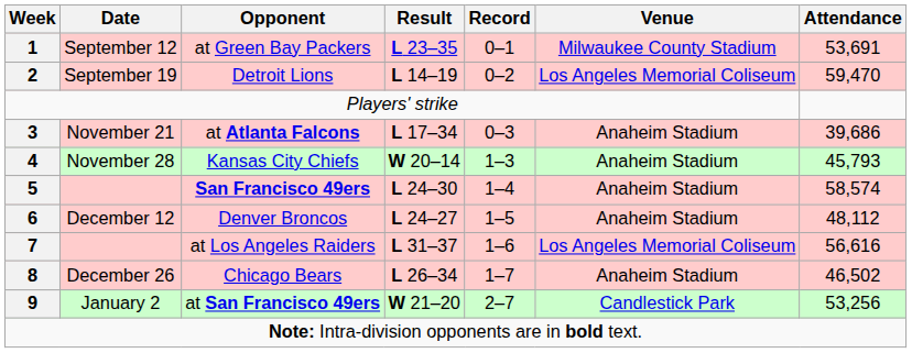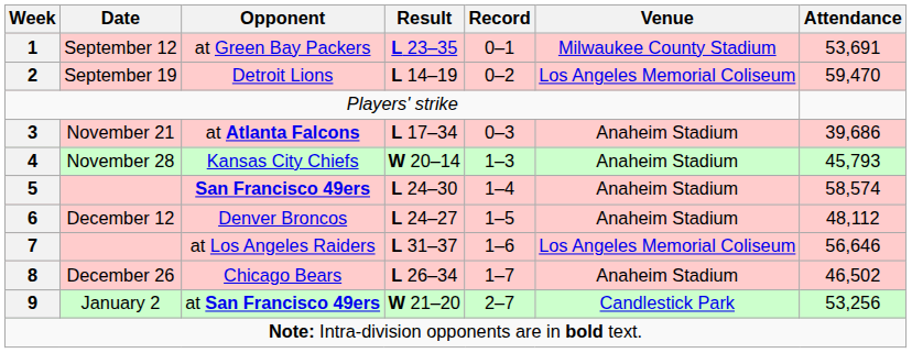 <table class="wikitable" style="text-align:center">
 <tr>
 <th>Week</th>
 <th>Date</th>
 <th>Opponent</th>
 <th>Result</th>
 <th>Record</th>
 <th>Venue</th>
 <th>Attendance</th>
 </tr>
 <tr style="background:#fcc">
 <th>1</th>
 <td>September 12</td>
 <td>at <a href='#'>Green Bay Packers</a></td>
 <td><a href='#'><strong>L</strong> 23–35</a></td>
 <td>0–1</td>
 <td><a href='#'>Milwaukee County Stadium</a></td>
 <td>53,691</td>
 </tr>
 <tr style="background:#fcc">
 <th>2</th>
 <td>September 19</td>
 <td><a href='#'>Detroit Lions</a></td>
 <td><strong>L</strong> 14–19</td>
 <td>0–2</td>
 <td><a href='#'>Los Angeles Memorial Coliseum</a></td>
 <td>59,470</td>
 </tr>
 <tr>
 <td colspan=6align="center"><em>Players' strike</em></td>
 </tr>
 <tr style="background:#fcc">
 <th>3</th>
 <td>November 21</td>
 <td>at <strong><a href='#'>Atlanta Falcons</a></strong></td>
 <td><strong>L</strong> 17–34</td>
 <td>0–3</td>
 <td>Anaheim Stadium</td>
 <td>39,686</td>
 </tr>
 <tr style="background:#cfc">
 <th>4</th>
 <td>November 28</td>
 <td><a href='#'>Kansas City Chiefs</a></td>
 <td><strong>W</strong> 20–14</td>
 <td>1–3</td>
 <td>Anaheim Stadium</td>
 <td>45,793</td>
 </tr>
 <tr style="background:#fcc">
 <th>5</th>
 <td></td>
 <td><strong><a href='#'>San Francisco 49ers</a></strong></td>
 <td><strong>L</strong> 24–30</td>
 <td>1–4</td>
 <td>Anaheim Stadium</td>
 <td>58,574</td>
 </tr>
 <tr style="background:#fcc">
 <th>6</th>
 <td>December 12</td>
 <td><a href='#'>Denver Broncos</a></td>
 <td><strong>L</strong> 24–27</td>
 <td>1–5</td>
 <td>Anaheim Stadium</td>
 <td>48,112</td>
 </tr>
 <tr style="background:#fcc">
 <th>7</th>
 <td></td>
 <td>at <a href='#'>Los Angeles Raiders</a></td>
 <td><strong>L</strong> 31–37</td>
 <td>1–6</td>
 <td><a href='#'>Los Angeles Memorial Coliseum</a></td>
-<td>56,616</td>
+<td>56,646</td>
 </tr>
 <tr style="background:#fcc">
 <th>8</th>
 <td>December 26</td>
 <td><a href='#'>Chicago Bears</a></td>
 <td><strong>L</strong> 26–34</td>
 <td>1–7</td>
 <td>Anaheim Stadium</td>
 <td>46,502</td>
 </tr>
 <tr style="background:#cfc">
 <th>9</th>
 <td>January 2</td>
 <td>at <strong><a href='#'>San Francisco 49ers</a></strong></td>
 <td><strong>W</strong> 21–20</td>
 <td>2–7</td>
 <td><a href='#'>Candlestick Park</a></td>
 <td>53,256</td>
 </tr>
 <tr>
 <td colspan="8"><strong>Note:</strong> Intra-division opponents are in <strong>bold</strong> text.</td>
 </tr>
 </table>
